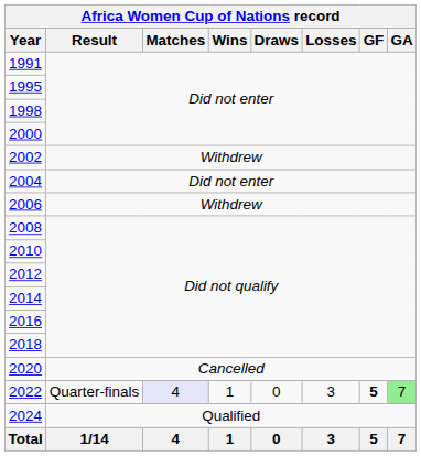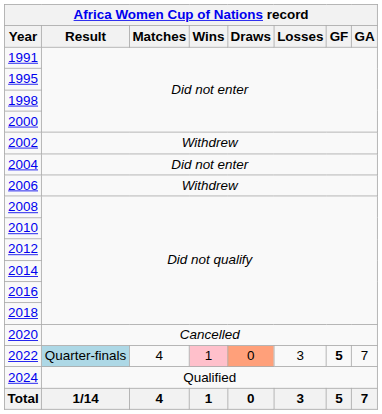 <table class="wikitable" style="text-align: center;">
 <tr>
 <th colspan=8><a href='#'>Africa Women Cup of Nations</a> record</th>
 </tr>
 <tr>
 <th>Year</th>
 <th>Result</th>
 <th>Matches</th>
 <th>Wins</th>
 <th>Draws</th>
 <th>Losses</th>
 <th>GF</th>
 <th>GA</th>
 </tr>
 <tr>
 <td><a href='#'>1991</a></td>
 <td rowspan=4 colspan=8><em>Did not enter</em></td>
 </tr>
 <tr>
 <td><a href='#'>1995</a></td>
 </tr>
 <tr>
 <td> <a href='#'>1998</a></td>
 </tr>
 <tr>
 <td> <a href='#'>2000</a></td>
 </tr>
 <tr>
 <td> <a href='#'>2002</a></td>
 <td colspan=8><em>Withdrew</em></td>
 </tr>
 <tr>
 <td> <a href='#'>2004</a></td>
 <td colspan=8><em>Did not enter</em></td>
 </tr>
 <tr>
 <td> <a href='#'>2006</a></td>
 <td colspan=8><em>Withdrew</em></td>
 </tr>
 <tr>
 <td> <a href='#'>2008</a></td>
 <td rowspan=6 colspan=8><em>Did not qualify</em></td>
 </tr>
 <tr>
 <td> <a href='#'>2010</a></td>
 </tr>
 <tr>
 <td> <a href='#'>2012</a></td>
 </tr>
 <tr>
 <td> <a href='#'>2014</a></td>
 </tr>
 <tr>
 <td> <a href='#'>2016</a></td>
 </tr>
 <tr>
 <td> <a href='#'>2018</a></td>
 </tr>
 <tr>
 <td> <a href='#'>2020</a></td>
 <td colspan=8><em>Cancelled</em></td>
 </tr>
 <tr>
 <td> <a href='#'>2022</a></td>
-<td>Quarter-finals</td>
-<td style="background: lavender;">4</td>
-<td>1</td>
-<td>0</td>
+<td style="background: lightblue;">Quarter-finals</td>
+<td>4</td>
+<td style="background: pink;">1</td>
+<td style="background: lightsalmon;">0</td>
 <td>3</td>
 <td><strong>5</strong></td>
-<td style="background: lightgreen;">7</td>
+<td>7</td>
 </tr>
 <tr>
 <td> <a href='#'>2024</a></td>
 <td colspan=8>Qualified</td>
 </tr>
 <tr>
 <th>Total</th>
 <th>1/14</th>
 <th>4</th>
 <th>1</th>
 <th>0</th>
 <th>3</th>
 <th>5</th>
 <th>7</th>
 </tr>
 </table>
